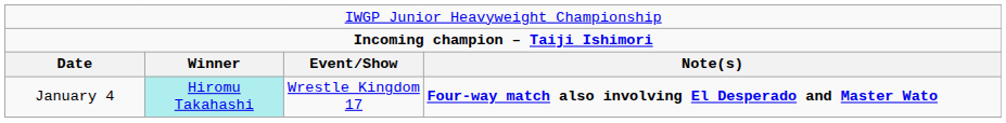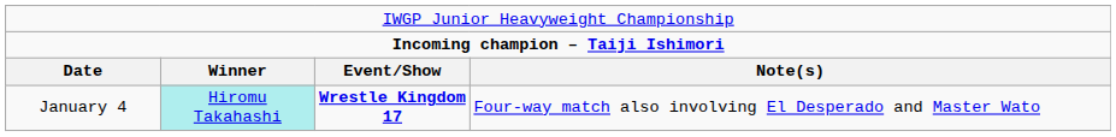 <table class="wikitable" style="text-align:center; width:100%;">
 <tr>
 <td colspan="5" style="text-align: center;"><a href='#'>IWGP Junior Heavyweight Championship</a></td>
 </tr>
 <tr>
 <td colspan="5" style="text-align: center;"><strong>Incoming champion – <a href='#'>Taiji Ishimori</a></strong></td>
 </tr>
 <tr>
 <th width=14%>Date</th>
 <th width=14%>Winner</th>
 <th width=14%>Event/Show</th>
 <th width=58%>Note(s)</th>
 </tr>
 <tr>
 <td>January 4</td>
 <td style="background: paleturquoise;"><a href='#'>Hiromu Takahashi</a></td>
-<td><a href='#'>Wrestle Kingdom 17</a><br></td>
-<td align=left><strong><a href='#'>Four-way match</a> also involving <a href='#'>El Desperado</a> and <a href='#'>Master Wato</a></strong></td>
+<td><strong><a href='#'>Wrestle Kingdom 17</a><br></strong></td>
+<td align=left><a href='#'>Four-way match</a> also involving <a href='#'>El Desperado</a> and <a href='#'>Master Wato</a></td>
 </tr>
 </table>
